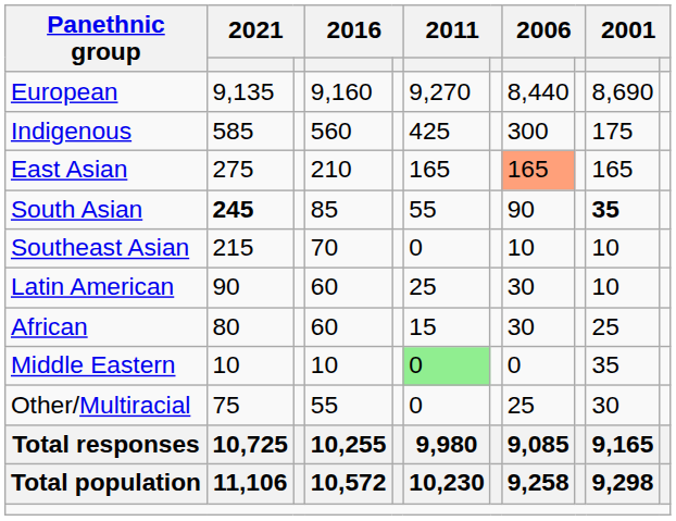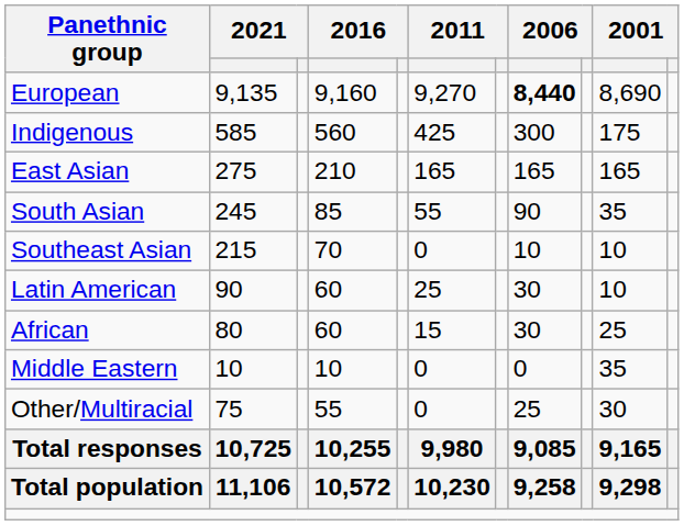 <table class="wikitable collapsible sortable">
 <tr>
 <th rowspan="2"><a href='#'>Panethnic</a><br>group</th>
 <th colspan="2">2021</th>
 <th colspan="2">2016</th>
 <th colspan="2">2011</th>
 <th colspan="2">2006</th>
 <th colspan="2">2001</th>
 </tr>
 <tr>
 <th><a href='#'></a></th>
 <th></th>
 <th></th>
 <th></th>
 <th></th>
 <th></th>
 <th></th>
 <th></th>
 <th></th>
 <th></th>
 </tr>
 <tr>
 <td><a href='#'>European</a></td>
 <td>9,135</td>
 <td></td>
 <td>9,160</td>
 <td></td>
 <td>9,270</td>
 <td></td>
-<td>8,440</td>
+<td><strong>8,440</strong></td>
 <td></td>
 <td>8,690</td>
 <td></td>
 </tr>
 <tr>
 <td><a href='#'>Indigenous</a></td>
 <td>585</td>
 <td></td>
 <td>560</td>
 <td></td>
 <td>425</td>
 <td></td>
 <td>300</td>
 <td></td>
 <td>175</td>
 <td></td>
 </tr>
 <tr>
 <td><a href='#'>East Asian</a></td>
 <td>275</td>
 <td></td>
 <td>210</td>
 <td></td>
 <td>165</td>
 <td></td>
-<td style="background: lightsalmon;">165</td>
+<td>165</td>
 <td></td>
 <td>165</td>
 <td></td>
 </tr>
 <tr>
 <td><a href='#'>South Asian</a></td>
-<td><strong>245</strong></td>
+<td>245</td>
 <td></td>
 <td>85</td>
 <td></td>
 <td>55</td>
 <td></td>
 <td>90</td>
 <td></td>
-<td><strong>35</strong></td>
+<td>35</td>
 <td></td>
 </tr>
 <tr>
 <td><a href='#'>Southeast Asian</a></td>
 <td>215</td>
 <td></td>
 <td>70</td>
 <td></td>
 <td>0</td>
 <td></td>
 <td>10</td>
 <td></td>
 <td>10</td>
 <td></td>
 </tr>
 <tr>
 <td><a href='#'>Latin American</a></td>
 <td>90</td>
 <td></td>
 <td>60</td>
 <td></td>
 <td>25</td>
 <td></td>
 <td>30</td>
 <td></td>
 <td>10</td>
 <td></td>
 </tr>
 <tr>
 <td><a href='#'>African</a></td>
 <td>80</td>
 <td></td>
 <td>60</td>
 <td></td>
 <td>15</td>
 <td></td>
 <td>30</td>
 <td></td>
 <td>25</td>
 <td></td>
 </tr>
 <tr>
 <td><a href='#'>Middle Eastern</a></td>
 <td>10</td>
 <td></td>
 <td>10</td>
 <td></td>
-<td style="background: lightgreen;">0</td>
+<td>0</td>
 <td></td>
 <td>0</td>
 <td></td>
 <td>35</td>
 <td></td>
 </tr>
 <tr>
 <td>Other/<a href='#'>Multiracial</a></td>
 <td>75</td>
 <td></td>
 <td>55</td>
 <td></td>
 <td>0</td>
 <td></td>
 <td>25</td>
 <td></td>
 <td>30</td>
 <td></td>
 </tr>
 <tr>
 <th>Total responses</th>
 <th>10,725</th>
 <th></th>
 <th>10,255</th>
 <th></th>
 <th>9,980</th>
 <th></th>
 <th>9,085</th>
 <th></th>
 <th>9,165</th>
 <th></th>
 </tr>
 <tr>
 <th>Total population</th>
 <th>11,106</th>
 <th></th>
 <th>10,572</th>
 <th></th>
 <th>10,230</th>
 <th></th>
 <th>9,258</th>
 <th></th>
 <th>9,298</th>
 <th></th>
 </tr>
 <tr class="sortbottom">
 <td colspan="15"></td>
 </tr>
 </table>
